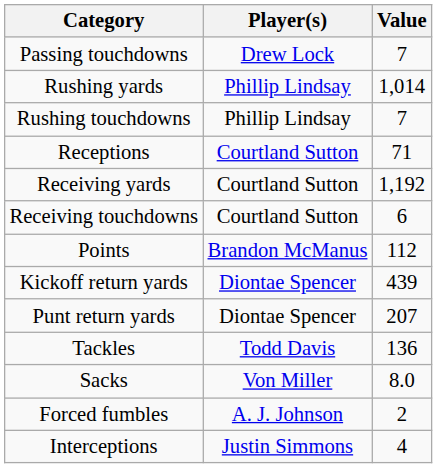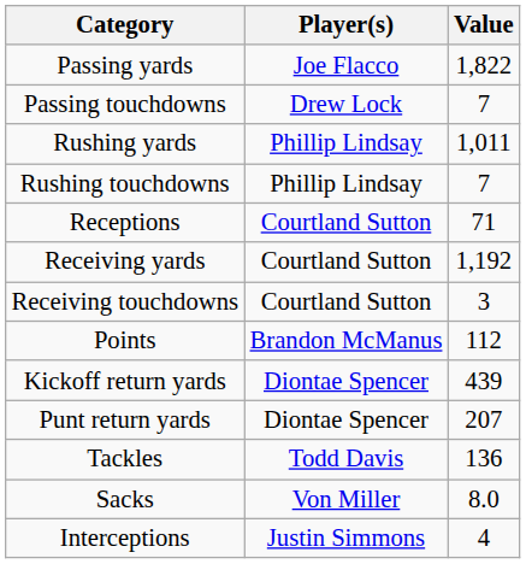 <table class="wikitable" style="text-align:center">
 <tr>
 <th>Category</th>
 <th>Player(s)</th>
 <th>Value</th>
+</tr>
+<tr>
+<td>Passing yards</td>
+<td><a href='#'>Joe Flacco</a></td>
+<td>1,822</td>
 </tr>
 <tr>
 <td>Passing touchdowns</td>
 <td><a href='#'>Drew Lock</a></td>
 <td>7</td>
 </tr>
 <tr>
 <td>Rushing yards</td>
 <td><a href='#'>Phillip Lindsay</a></td>
-<td>1,014</td>
+<td>1,011</td>
 </tr>
 <tr>
 <td>Rushing touchdowns</td>
 <td>Phillip Lindsay</td>
 <td>7</td>
 </tr>
 <tr>
 <td>Receptions</td>
 <td><a href='#'>Courtland Sutton</a></td>
 <td>71</td>
 </tr>
 <tr>
 <td>Receiving yards</td>
 <td>Courtland Sutton</td>
 <td>1,192</td>
 </tr>
 <tr>
 <td>Receiving touchdowns</td>
 <td>Courtland Sutton</td>
-<td>6</td>
+<td>3</td>
 </tr>
 <tr>
 <td>Points</td>
 <td><a href='#'>Brandon McManus</a></td>
 <td>112</td>
 </tr>
 <tr>
 <td>Kickoff return yards</td>
 <td><a href='#'>Diontae Spencer</a></td>
 <td>439</td>
 </tr>
 <tr>
 <td>Punt return yards</td>
 <td>Diontae Spencer</td>
 <td>207</td>
 </tr>
 <tr>
 <td>Tackles</td>
 <td><a href='#'>Todd Davis</a></td>
 <td>136</td>
 </tr>
 <tr>
 <td>Sacks</td>
 <td><a href='#'>Von Miller</a></td>
 <td>8.0</td>
 </tr>
 <tr>
-<td>Forced fumbles</td>
-<td><a href='#'>A. J. Johnson</a></td>
-<td>2</td>
-</tr>
-<tr>
 <td>Interceptions</td>
 <td><a href='#'>Justin Simmons</a></td>
 <td>4</td>
 </tr>
 </table>
